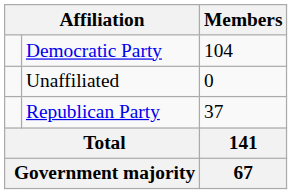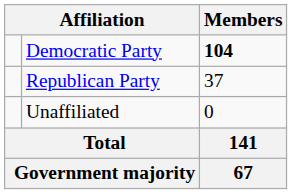 <table class="wikitable">
 <tr>
 <th colspan=2 align="center" valign="top">Affiliation</th>
 <th style="vertical-align:top;">Members</th>
 </tr>
 <tr>
 <td style="background-color:"> </td>
 <td><a href='#'>Democratic Party</a></td>
-<td>104</td>
+<td><strong>104</strong></td>
+</tr>
+<tr>
+<td style="background-color:"> </td>
+<td><a href='#'>Republican Party</a></td>
+<td>37</td>
 </tr>
 <tr>
 <td></td>
 <td>Unaffiliated</td>
 <td>0</td>
-</tr>
-<tr>
-<td style="background-color:"> </td>
-<td><a href='#'>Republican Party</a></td>
-<td>37</td>
 </tr>
 <tr>
 <th colspan=2> Total</th>
 <th>141</th>
 </tr>
 <tr>
 <th colspan=2> Government majority</th>
 <th>67</th>
 </tr>
 </table>
